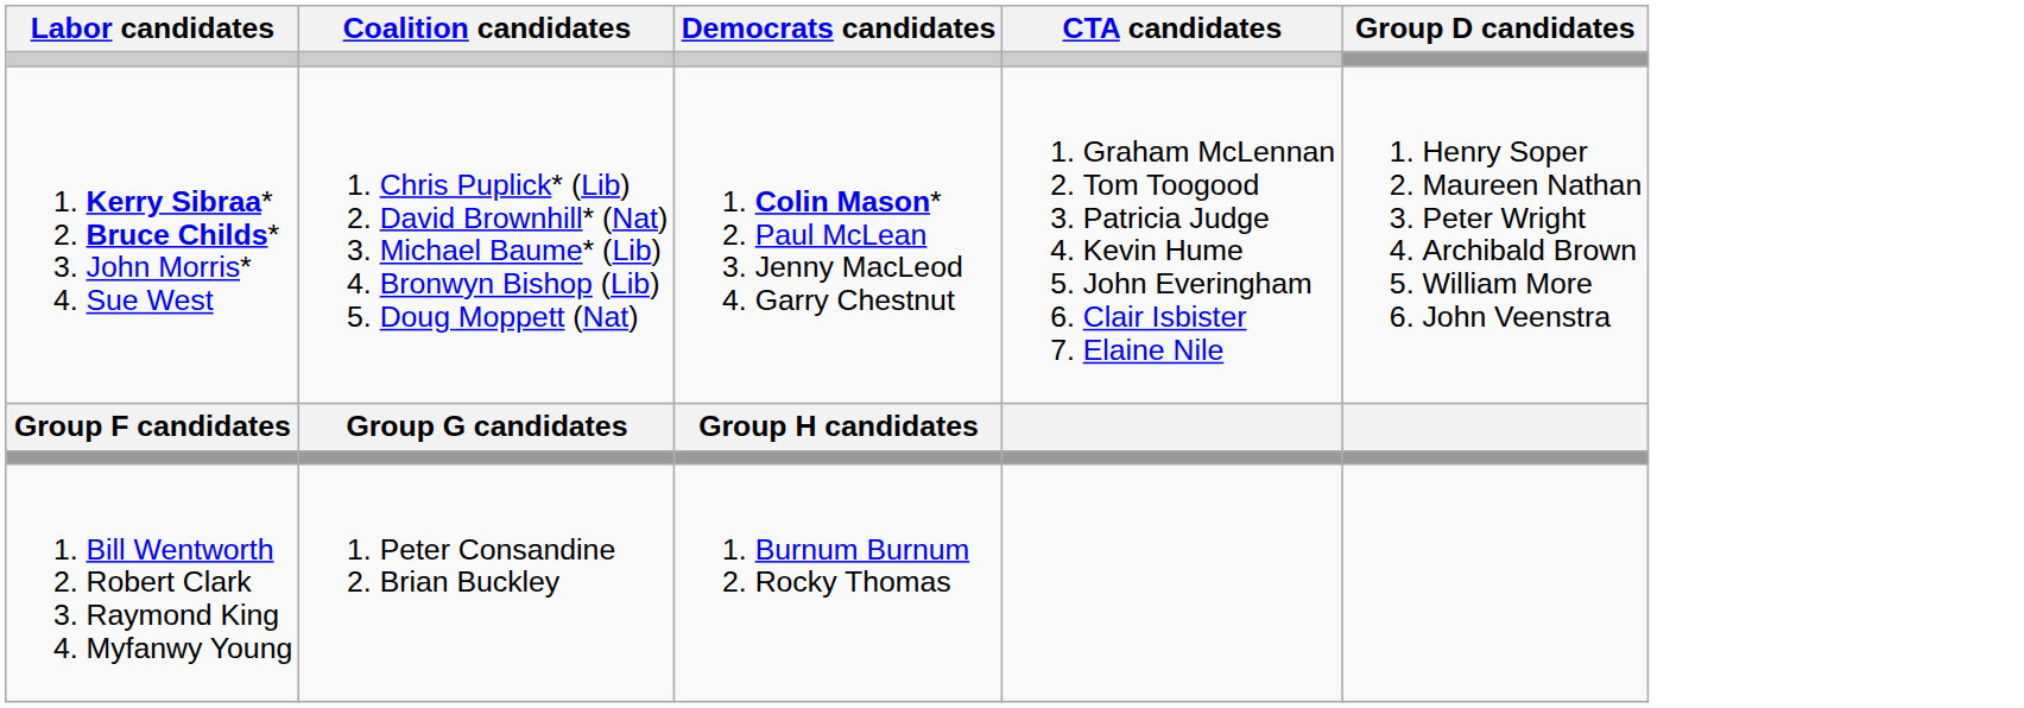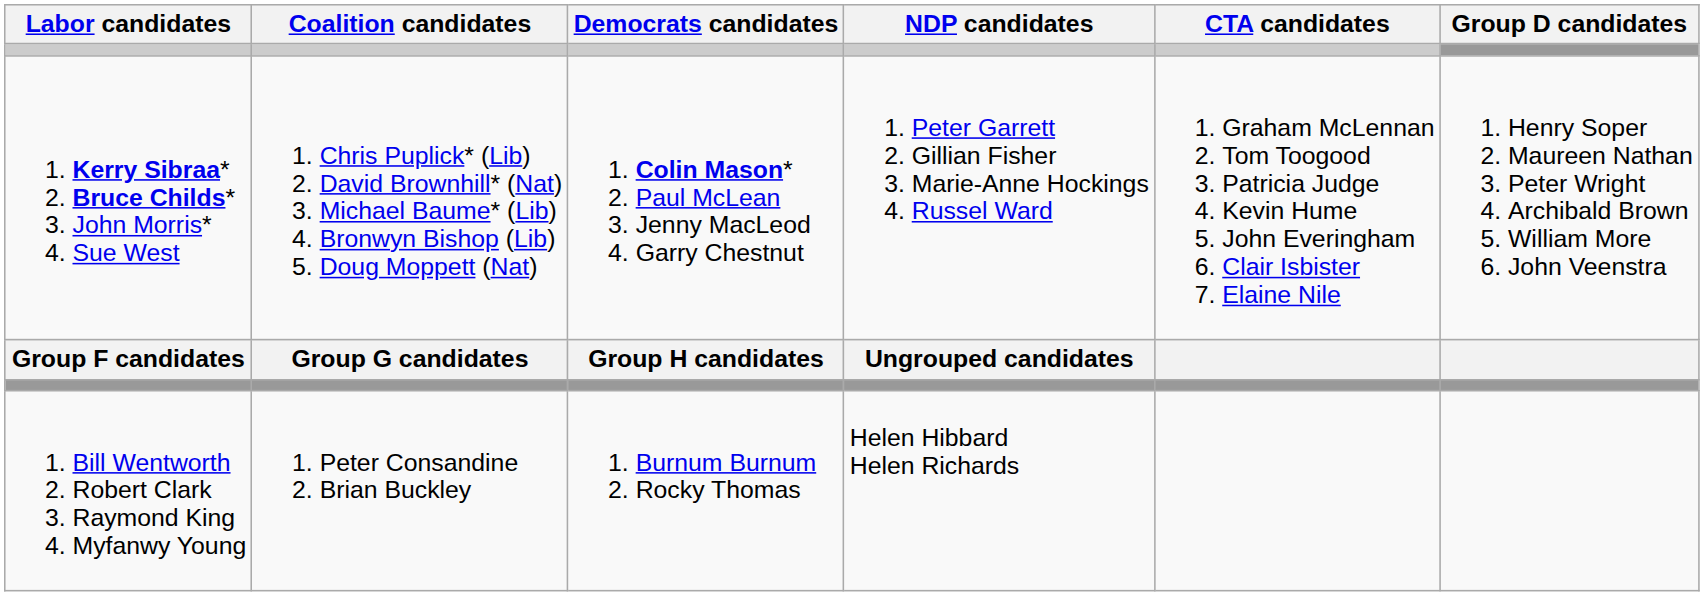 <table class="wikitable">
 <tr>
 <th><a href='#'>Labor</a> candidates</th>
 <th><a href='#'>Coalition</a> candidates</th>
 <th><a href='#'>Democrats</a> candidates</th>
+<th><a href='#'>NDP</a> candidates</th>
 <th><a href='#'>CTA</a> candidates</th>
 <th>Group D candidates</th>
 </tr>
 <tr bgcolor="#cccccc">
+<td></td>
 <td></td>
 <td></td>
 <td></td>
 <td></td>
 <td bgcolor="#999999"></td>
 </tr>
 <tr>
 <td><br><ol><li><strong><a href='#'>Kerry Sibraa</a></strong>*</li><li><strong><a href='#'>Bruce Childs</a></strong>*</li><li><a href='#'>John Morris</a>*</li><li><a href='#'>Sue West</a></li></ol></td>
 <td><br><ol><li><a href='#'>Chris Puplick</a>* (<a href='#'>Lib</a>)</li><li><a href='#'>David Brownhill</a>* (<a href='#'>Nat</a>)</li><li><a href='#'>Michael Baume</a>* (<a href='#'>Lib</a>)</li><li><a href='#'>Bronwyn Bishop</a> (<a href='#'>Lib</a>)</li><li><a href='#'>Doug Moppett</a> (<a href='#'>Nat</a>)</li></ol></td>
 <td><br><ol><li><strong><a href='#'>Colin Mason</a></strong>*</li><li><a href='#'>Paul McLean</a></li><li>Jenny MacLeod</li><li>Garry Chestnut</li></ol></td>
+<td valign=top><br><ol><li><a href='#'>Peter Garrett</a></li><li>Gillian Fisher</li><li>Marie-Anne Hockings</li><li><a href='#'>Russel Ward</a></li></ol></td>
 <td valign=top><br><ol><li>Graham McLennan</li><li>Tom Toogood</li><li>Patricia Judge</li><li>Kevin Hume</li><li>John Everingham</li><li><a href='#'>Clair Isbister</a></li><li><a href='#'>Elaine Nile</a></li></ol></td>
 <td valign=top><br><ol><li>Henry Soper</li><li>Maureen Nathan</li><li>Peter Wright</li><li>Archibald Brown</li><li>William More</li><li>John Veenstra</li></ol></td>
 </tr>
 <tr bgcolor="#cccccc">
 <th>Group F candidates</th>
 <th>Group G candidates</th>
 <th>Group H candidates</th>
+<th>Ungrouped candidates</th>
 <th></th>
 <th></th>
 </tr>
 <tr bgcolor="#cccccc">
+<td bgcolor="#999999"></td>
 <td bgcolor="#999999"></td>
 <td bgcolor="#999999"></td>
 <td bgcolor="#999999"></td>
 <td bgcolor="#999999"></td>
 <td bgcolor="#999999"></td>
 </tr>
 <tr>
 <td valign=top><br><ol><li><a href='#'>Bill Wentworth</a></li><li>Robert Clark</li><li>Raymond King</li><li>Myfanwy Young</li></ol></td>
 <td valign=top><br><ol><li>Peter Consandine</li><li>Brian Buckley</li></ol></td>
 <td valign=top><br><ol><li><a href='#'>Burnum Burnum</a></li><li>Rocky Thomas</li></ol></td>
+<td valign=top><br>Helen Hibbard<br> Helen Richards</td>
 <td valign=top></td>
 <td valign=top></td>
 </tr>
 </table>
